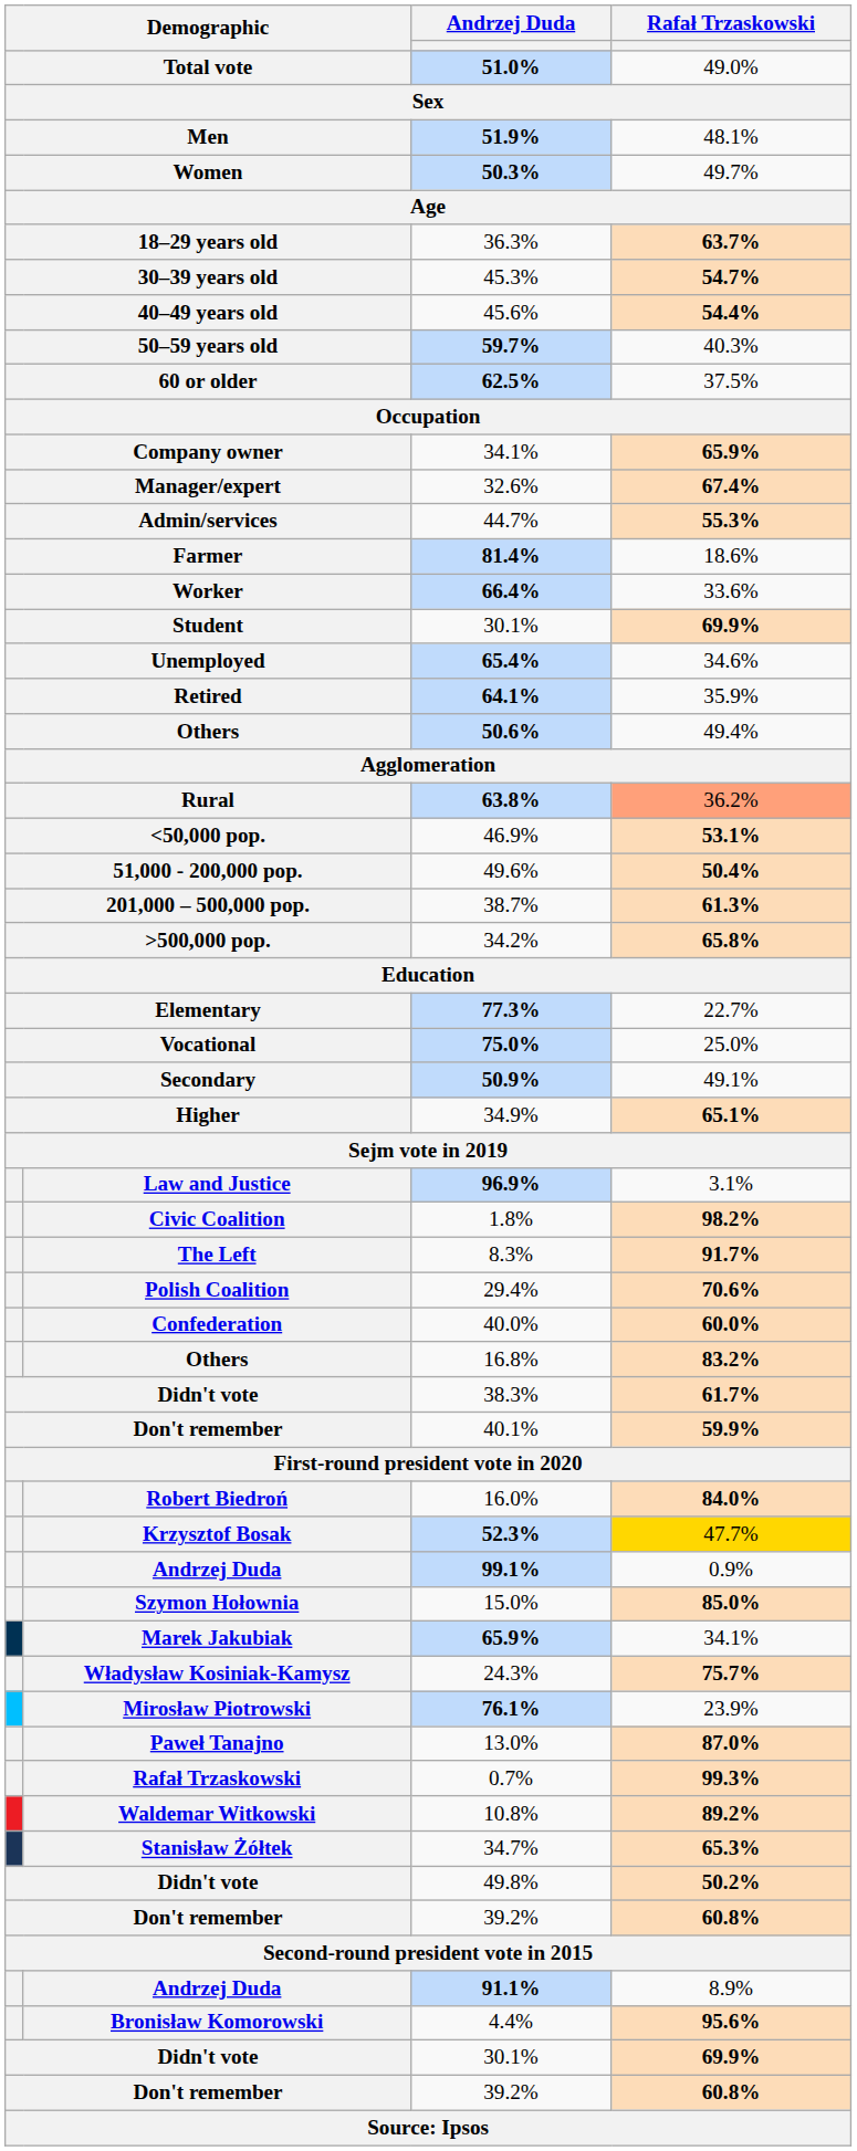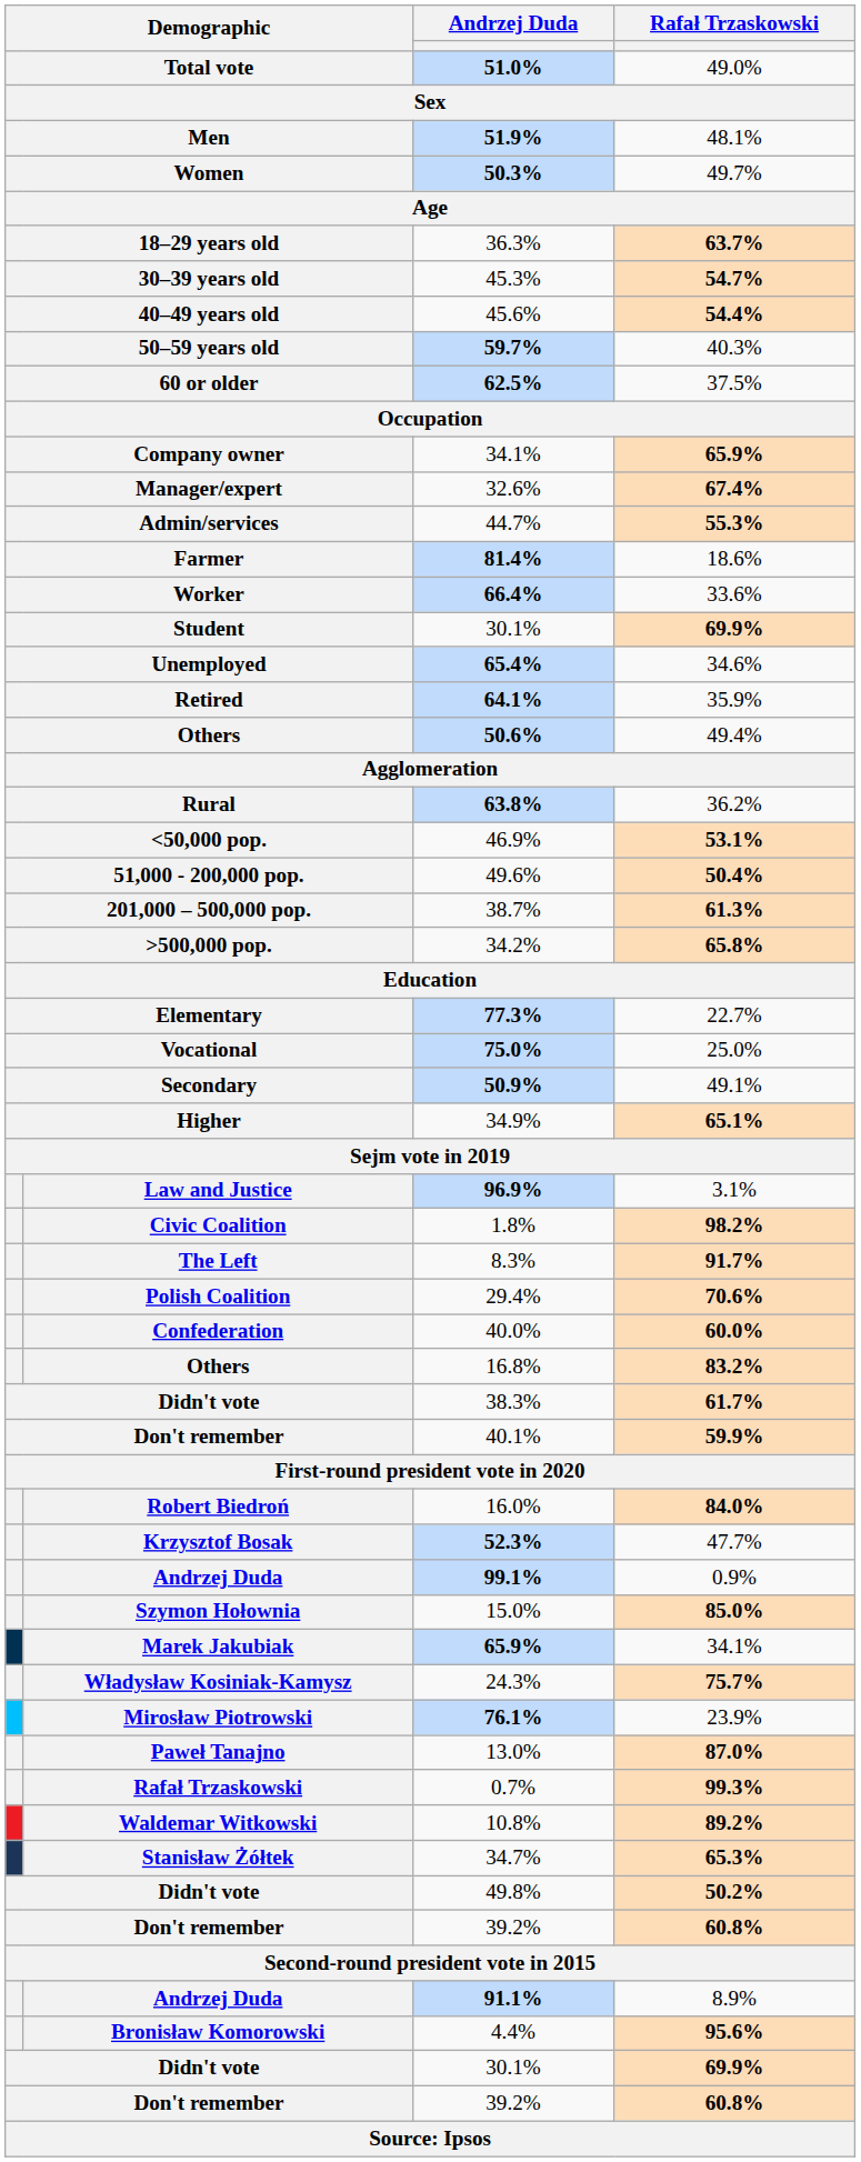 <table class="wikitable" style="font-size:90%; text-align:center; max-width:40em;">
 <tr>
 <th colspan=2 rowspan=2 style="width:20%">Demographic</th>
 <th style="width:10%"><a href='#'>Andrzej Duda</a></th>
 <th style="width:10%"><a href='#'>Rafał Trzaskowski</a></th>
 </tr>
 <tr>
 <th style="background:"></th>
 <th style="background:"></th>
 </tr>
 <tr>
 <th colspan=2>Total vote</th>
 <td style="background:#C0DBFC"><strong>51.0%</strong></td>
 <td>49.0%</td>
 </tr>
 <tr>
 <th colspan=11>Sex</th>
 </tr>
 <tr>
 <th colspan=2>Men</th>
 <td style="background:#C0DBFC"><strong>51.9%</strong></td>
 <td>48.1%</td>
 </tr>
 <tr>
 <th colspan=2>Women</th>
 <td style="background:#C0DBFC"><strong>50.3%</strong></td>
 <td>49.7%</td>
 </tr>
 <tr>
 <th colspan=11>Age</th>
 </tr>
 <tr>
 <th colspan=2>18–29 years old</th>
 <td>36.3%</td>
 <td style="background:#FDDCB8"><strong>63.7%</strong></td>
 </tr>
 <tr>
 <th colspan=2>30–39 years old</th>
 <td>45.3%</td>
 <td style="background:#FDDCB8"><strong>54.7%</strong></td>
 </tr>
 <tr>
 <th colspan=2>40–49 years old</th>
 <td>45.6%</td>
 <td style="background:#FDDCB8"><strong>54.4%</strong></td>
 </tr>
 <tr>
 <th colspan=2>50–59 years old</th>
 <td style="background:#C0DBFC"><strong>59.7%</strong></td>
 <td>40.3%</td>
 </tr>
 <tr>
 <th colspan=2>60 or older</th>
 <td style="background:#C0DBFC"><strong>62.5%</strong></td>
 <td>37.5%</td>
 </tr>
 <tr>
 <th colspan=11>Occupation</th>
 </tr>
 <tr>
 <th colspan=2>Company owner</th>
 <td>34.1%</td>
 <td style="background:#FDDCB8"><strong>65.9%</strong></td>
 </tr>
 <tr>
 <th colspan=2>Manager/expert</th>
 <td>32.6%</td>
 <td style="background:#FDDCB8"><strong>67.4%</strong></td>
 </tr>
 <tr>
 <th colspan=2>Admin/services</th>
 <td>44.7%</td>
 <td style="background:#FDDCB8"><strong>55.3%</strong></td>
 </tr>
 <tr>
 <th colspan=2>Farmer</th>
 <td style="background:#C0DBFC"><strong>81.4%</strong></td>
 <td>18.6%</td>
 </tr>
 <tr>
 <th colspan=2>Worker</th>
 <td style="background:#C0DBFC"><strong>66.4%</strong></td>
 <td>33.6%</td>
 </tr>
 <tr>
 <th colspan=2>Student</th>
 <td>30.1%</td>
 <td style="background:#FDDCB8"><strong>69.9%</strong></td>
 </tr>
 <tr>
 <th colspan=2>Unemployed</th>
 <td style="background:#C0DBFC"><strong>65.4%</strong></td>
 <td>34.6%</td>
 </tr>
 <tr>
 <th colspan=2>Retired</th>
 <td style="background:#C0DBFC"><strong>64.1%</strong></td>
 <td>35.9%</td>
 </tr>
 <tr>
 <th colspan=2>Others</th>
 <td style="background:#C0DBFC"><strong>50.6%</strong></td>
 <td>49.4%</td>
 </tr>
 <tr>
 <th colspan=11>Agglomeration</th>
 </tr>
 <tr>
 <th colspan=2>Rural</th>
 <td style="background:#C0DBFC"><strong>63.8%</strong></td>
-<td style="background: lightsalmon;">36.2%</td>
+<td>36.2%</td>
 </tr>
 <tr>
 <th colspan=2><50,000 pop.</th>
 <td>46.9%</td>
 <td style="background:#FDDCB8"><strong>53.1%</strong></td>
 </tr>
 <tr>
 <th colspan=2>51,000 - 200,000 pop.</th>
 <td>49.6%</td>
 <td style="background:#FDDCB8"><strong>50.4%</strong></td>
 </tr>
 <tr>
 <th colspan=2>201,000 – 500,000 pop.</th>
 <td>38.7%</td>
 <td style="background:#FDDCB8"><strong>61.3%</strong></td>
 </tr>
 <tr>
 <th colspan=2>>500,000 pop.</th>
 <td>34.2%</td>
 <td style="background:#FDDCB8"><strong>65.8%</strong></td>
 </tr>
 <tr>
 <th colspan=11>Education</th>
 </tr>
 <tr>
 <th colspan=2>Elementary</th>
 <td style="background:#C0DBFC"><strong>77.3%</strong></td>
 <td>22.7%</td>
 </tr>
 <tr>
 <th colspan=2>Vocational</th>
 <td style="background:#C0DBFC"><strong>75.0%</strong></td>
 <td>25.0%</td>
 </tr>
 <tr>
 <th colspan=2>Secondary</th>
 <td style="background:#C0DBFC"><strong>50.9%</strong></td>
 <td>49.1%</td>
 </tr>
 <tr>
 <th colspan=2>Higher</th>
 <td>34.9%</td>
 <td style="background:#FDDCB8"><strong>65.1%</strong></td>
 </tr>
 <tr>
 <th colspan=11>Sejm vote in 2019</th>
 </tr>
 <tr>
 <th style="background:"></th>
 <th><a href='#'>Law and Justice</a></th>
 <td style="background:#C0DBFC"><strong>96.9%</strong></td>
 <td>3.1%</td>
 </tr>
 <tr>
 <th style="background:"></th>
 <th><a href='#'>Civic Coalition</a></th>
 <td>1.8%</td>
 <td style="background:#FDDCB8"><strong>98.2%</strong></td>
 </tr>
 <tr>
 <th style="background:"></th>
 <th><a href='#'>The Left</a></th>
 <td>8.3%</td>
 <td style="background:#FDDCB8"><strong>91.7%</strong></td>
 </tr>
 <tr>
 <th style="background:"></th>
 <th><a href='#'>Polish Coalition</a></th>
 <td>29.4%</td>
 <td style="background:#FDDCB8"><strong>70.6%</strong></td>
 </tr>
 <tr>
 <th style="background:"></th>
 <th><a href='#'>Confederation</a></th>
 <td>40.0%</td>
 <td style="background:#FDDCB8"><strong>60.0%</strong></td>
 </tr>
 <tr>
 <th style="background:"></th>
 <th>Others</th>
 <td>16.8%</td>
 <td style="background:#FDDCB8"><strong>83.2%</strong></td>
 </tr>
 <tr>
 <th colspan=2>Didn't vote</th>
 <td>38.3%</td>
 <td style="background:#FDDCB8"><strong>61.7%</strong></td>
 </tr>
 <tr>
 <th colspan=2>Don't remember</th>
 <td>40.1%</td>
 <td style="background:#FDDCB8"><strong>59.9%</strong></td>
 </tr>
 <tr>
 <th colspan=11>First-round president vote in 2020</th>
 </tr>
 <tr>
 <th style="background:"></th>
 <th><a href='#'>Robert Biedroń</a></th>
 <td>16.0%</td>
 <td style="background:#FDDCB8"><strong>84.0%</strong></td>
 </tr>
 <tr>
 <th style="background:"></th>
 <th><a href='#'>Krzysztof Bosak</a></th>
 <td style="background:#C0DBFC"><strong>52.3%</strong></td>
-<td style="background: gold;">47.7%</td>
+<td>47.7%</td>
 </tr>
 <tr>
 <th style="background:"></th>
 <th><a href='#'>Andrzej Duda</a></th>
 <td style="background:#C0DBFC"><strong>99.1%</strong></td>
 <td>0.9%</td>
 </tr>
 <tr>
 <th style="background:"></th>
 <th><a href='#'>Szymon Hołownia</a></th>
 <td>15.0%</td>
 <td style="background:#FDDCB8"><strong>85.0%</strong></td>
 </tr>
 <tr>
 <th style="background:#003153"></th>
 <th><a href='#'>Marek Jakubiak</a></th>
 <td style="background:#C0DBFC"><strong>65.9%</strong></td>
 <td>34.1%</td>
 </tr>
 <tr>
 <th style="background:"></th>
 <th><a href='#'>Władysław Kosiniak-Kamysz</a></th>
 <td>24.3%</td>
 <td style="background:#FDDCB8"><strong>75.7%</strong></td>
 </tr>
 <tr>
 <th style="background:#00BFFF"></th>
 <th><a href='#'>Mirosław Piotrowski</a></th>
 <td style="background:#C0DBFC"><strong>76.1%</strong></td>
 <td>23.9%</td>
 </tr>
 <tr>
 <th style="background:"></th>
 <th><a href='#'>Paweł Tanajno</a></th>
 <td>13.0%</td>
 <td style="background:#FDDCB8"><strong>87.0%</strong></td>
 </tr>
 <tr>
 <th style="background:"></th>
 <th><a href='#'>Rafał Trzaskowski</a></th>
 <td>0.7%</td>
 <td style="background:#FDDCB8"><strong>99.3%</strong></td>
 </tr>
 <tr>
 <th style="background:#ED1C24"></th>
 <th><a href='#'>Waldemar Witkowski</a></th>
 <td>10.8%</td>
 <td style="background:#FDDCB8"><strong>89.2%</strong></td>
 </tr>
 <tr>
 <th style="background:#1B3458"></th>
 <th><a href='#'>Stanisław Żółtek</a></th>
 <td>34.7%</td>
 <td style="background:#FDDCB8"><strong>65.3%</strong></td>
 </tr>
 <tr>
 <th colspan=2>Didn't vote</th>
 <td>49.8%</td>
 <td style="background:#FDDCB8"><strong>50.2%</strong></td>
 </tr>
 <tr>
 <th colspan=2>Don't remember</th>
 <td>39.2%</td>
 <td style="background:#FDDCB8"><strong>60.8%</strong></td>
 </tr>
 <tr>
 <th colspan=11>Second-round president vote in 2015</th>
 </tr>
 <tr>
 <th style="background:"></th>
 <th><a href='#'>Andrzej Duda</a></th>
 <td style="background:#C0DBFC"><strong>91.1%</strong></td>
 <td>8.9%</td>
 </tr>
 <tr>
 <th style="background:"></th>
 <th><a href='#'>Bronisław Komorowski</a></th>
 <td>4.4%</td>
 <td style="background:#FDDCB8"><strong>95.6%</strong></td>
 </tr>
 <tr>
 <th colspan=2>Didn't vote</th>
 <td>30.1%</td>
 <td style="background:#FDDCB8"><strong>69.9%</strong></td>
 </tr>
 <tr>
 <th colspan=2>Don't remember</th>
 <td>39.2%</td>
 <td style="background:#FDDCB8"><strong>60.8%</strong></td>
 </tr>
 <tr>
 <th colspan=6>Source: Ipsos</th>
 </tr>
 </table>
